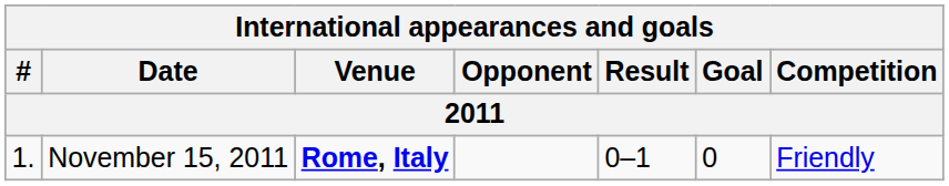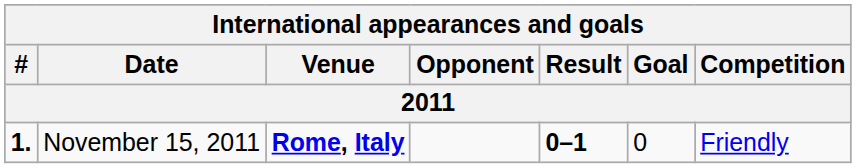 <table class="wikitable collapsible collapsed" style="font-size:90%">
 <tr>
 <th colspan="7"><strong>International appearances and goals</strong></th>
 </tr>
 <tr>
 <th>#</th>
 <th>Date</th>
 <th>Venue</th>
 <th>Opponent</th>
 <th>Result</th>
 <th>Goal</th>
 <th>Competition</th>
 </tr>
 <tr>
 <th colspan="7"><strong>2011</strong></th>
 </tr>
 <tr>
-<td>1.</td>
+<td><strong>1.</strong></td>
 <td>November 15, 2011</td>
 <td><strong><a href='#'>Rome</a>, <a href='#'>Italy</a></strong></td>
 <td></td>
-<td>0–1</td>
+<td><strong>0–1</strong></td>
 <td>0</td>
 <td><a href='#'>Friendly</a></td>
 </tr>
 </table>
